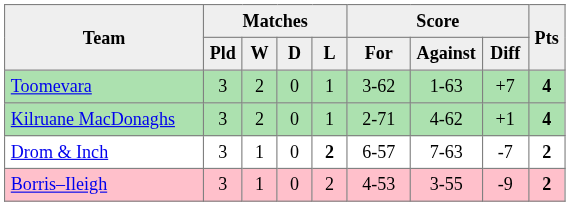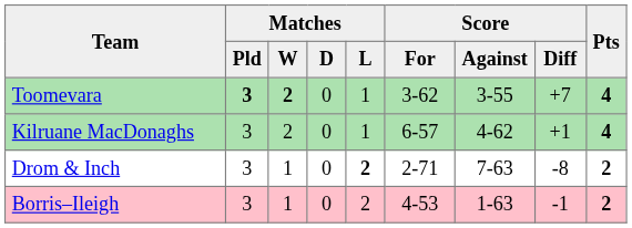 <table style=border-collapse:collapse border=1 cellspacing=0 cellpadding=5>
 <tr align=center bgcolor=#efefef>
 <th rowspan=2 width=165>Team</th>
 <th colspan=4>Matches</th>
 <th colspan=3>Score</th>
 <th rowspan=2width=20>Pts</th>
 </tr>
 <tr align=center bgcolor=#efefef>
 <th width=20>Pld</th>
 <th width=20>W</th>
 <th width=20>D</th>
 <th width=20>L</th>
 <th width=45>For</th>
 <th width=45>Against</th>
 <th width=30>Diff</th>
 </tr>
 <tr align=center style="background:#ACE1AF;">
 <td style="text-align:left;"> <a href='#'>Toomevara</a></td>
-<td>3</td>
-<td>2</td>
+<td><strong>3</strong></td>
+<td><strong>2</strong></td>
 <td>0</td>
 <td>1</td>
 <td>3-62</td>
-<td>1-63</td>
+<td>3-55</td>
 <td>+7</td>
 <td><strong>4</strong></td>
 </tr>
 <tr align=center style="background:#ACE1AF;">
 <td style="text-align:left;"> <a href='#'>Kilruane MacDonaghs</a></td>
 <td>3</td>
 <td>2</td>
 <td>0</td>
 <td>1</td>
-<td>2-71</td>
+<td>6-57</td>
 <td>4-62</td>
 <td>+1</td>
 <td><strong>4</strong></td>
 </tr>
 <tr align=center>
 <td style="text-align:left;"> <a href='#'>Drom & Inch</a></td>
 <td>3</td>
 <td>1</td>
 <td>0</td>
 <td><strong>2</strong></td>
-<td>6-57</td>
+<td>2-71</td>
 <td>7-63</td>
-<td>-7</td>
+<td>-8</td>
 <td><strong>2</strong></td>
 </tr>
 <tr align=center style="background:#FFC0CB;">
 <td style="text-align:left;"> <a href='#'>Borris–Ileigh</a></td>
 <td>3</td>
 <td>1</td>
 <td>0</td>
 <td>2</td>
 <td>4-53</td>
-<td>3-55</td>
-<td>-9</td>
+<td>1-63</td>
+<td>-1</td>
 <td><strong>2</strong></td>
 </tr>
 </table>
